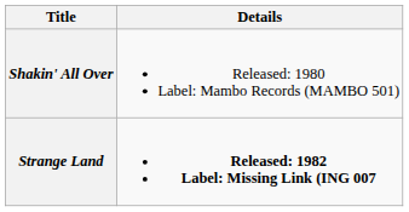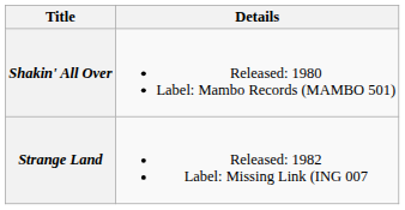 <table class="wikitable plainrowheaders" style="text-align:center;" border="1">
 <tr>
 <th>Title</th>
 <th>Details</th>
 </tr>
 <tr>
 <th scope="row"><em>Shakin' All Over</em></th>
 <td><br><ul><li>Released: 1980</li><li>Label: Mambo Records (MAMBO 501)</li></ul></td>
 </tr>
 <tr>
 <th scope="row"><em>Strange Land</em></th>
-<td><strong><br><ul><li>Released: 1982</li><li>Label: Missing Link (ING 007</li></ul></strong></td>
+<td><br><ul><li>Released: 1982</li><li>Label: Missing Link (ING 007</li></ul></td>
 </tr>
 </table>
